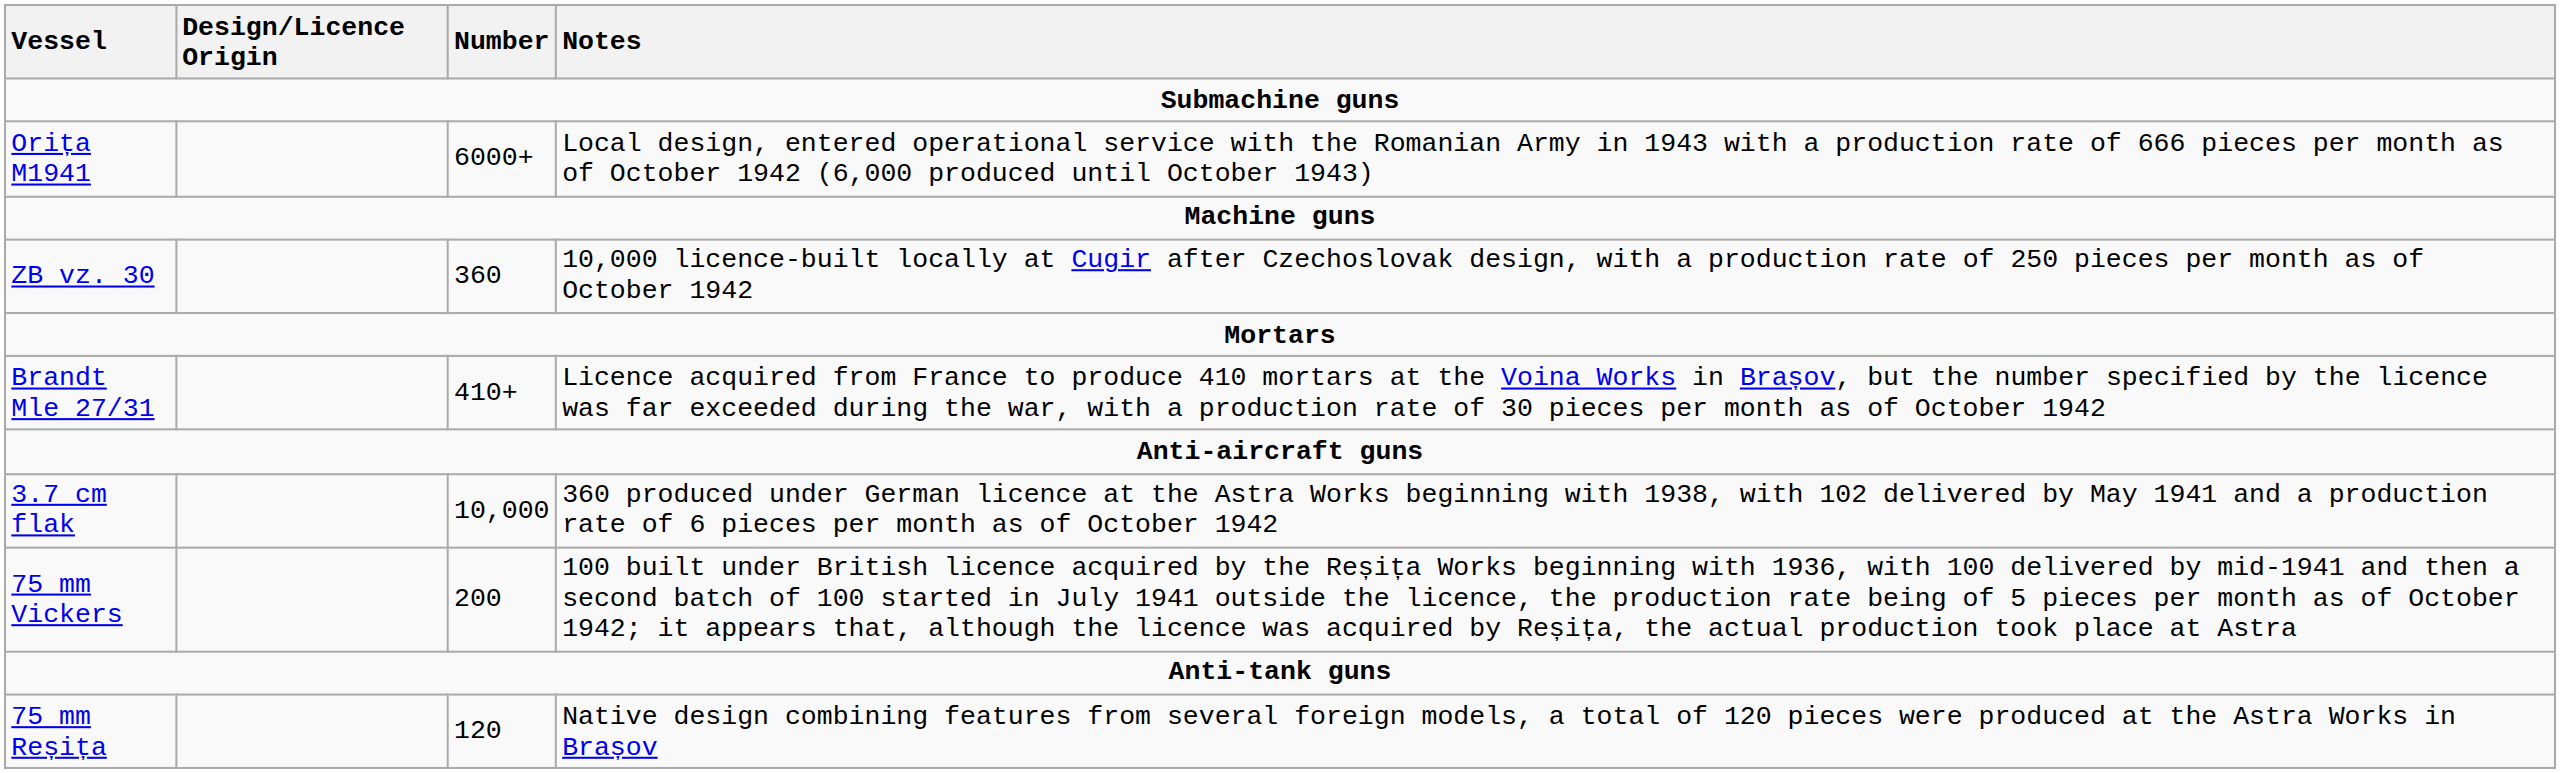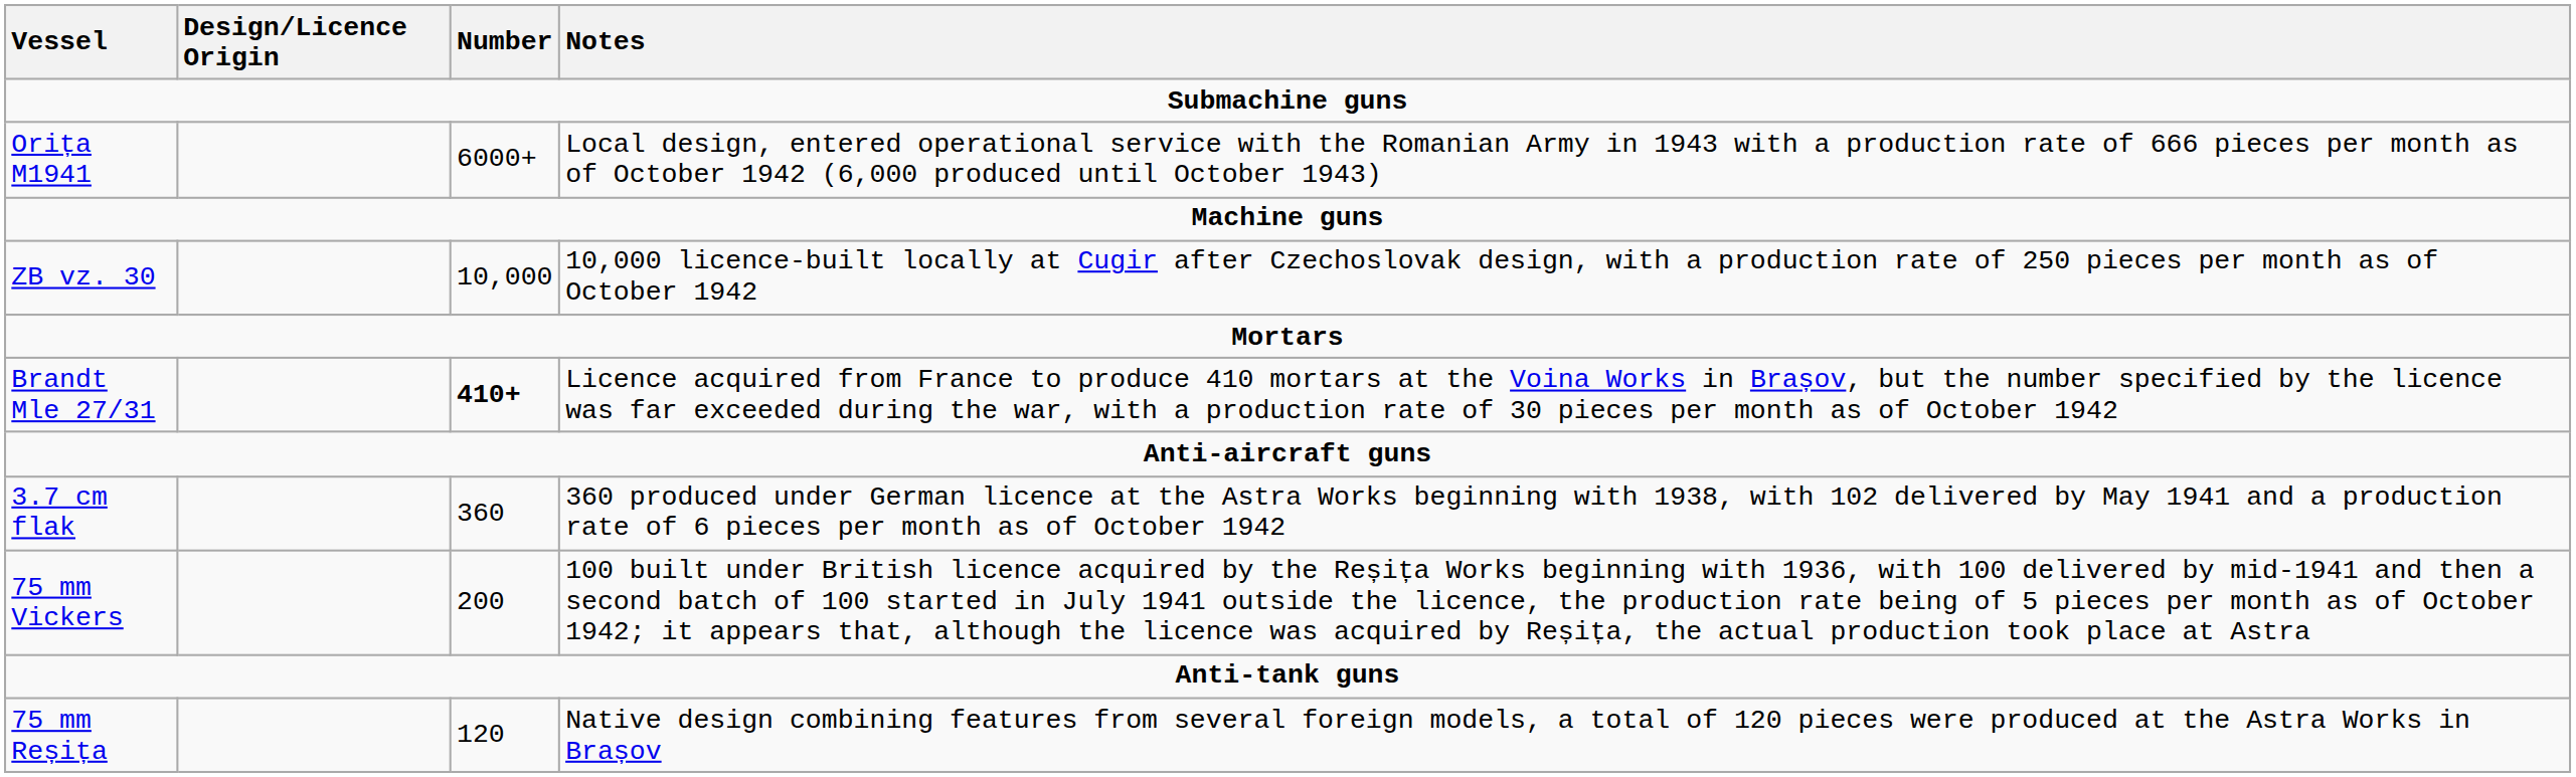 <table role="presentation" class="wikitable">
 <tr>
 <th style="text-align: left;">Vessel</th>
 <th style="text-align: left;">Design/Licence Origin</th>
 <th style="text-align: left;">Number</th>
 <th style="text-align: left;">Notes</th>
 </tr>
 <tr>
 <th colspan="6" style="background:#f9f9f9;">Submachine guns</th>
 </tr>
 <tr>
 <td><a href='#'>Orița M1941</a></td>
 <td></td>
 <td>6000+</td>
 <td>Local design, entered operational service with the Romanian Army in 1943 with a production rate of 666 pieces per month as of October 1942 (6,000 produced until October 1943)</td>
 </tr>
 <tr>
 <th colspan="6" style="background:#f9f9f9;">Machine guns</th>
 </tr>
 <tr>
 <td><a href='#'>ZB vz. 30</a></td>
 <td></td>
-<td>360</td>
+<td>10,000</td>
 <td>10,000 licence-built locally at <a href='#'>Cugir</a> after Czechoslovak design, with a production rate of 250 pieces per month as of October 1942</td>
 </tr>
 <tr>
 <th colspan="6" style="background:#f9f9f9;">Mortars</th>
 </tr>
 <tr>
 <td><a href='#'>Brandt Mle 27/31</a></td>
 <td></td>
-<td>410+</td>
+<td><strong>410+</strong></td>
 <td>Licence acquired from France to produce 410 mortars at the <a href='#'>Voina Works</a> in <a href='#'>Brașov</a>, but the number specified by the licence was far exceeded during the war, with a production rate of 30 pieces per month as of October 1942</td>
 </tr>
 <tr>
 <th colspan="6" style="background:#f9f9f9;">Anti-aircraft guns</th>
 </tr>
 <tr>
 <td><a href='#'>3.7 cm flak</a></td>
 <td></td>
-<td>10,000</td>
+<td>360</td>
 <td>360 produced under German licence at the Astra Works beginning with 1938, with 102 delivered by May 1941 and a production rate of 6 pieces per month as of October 1942</td>
 </tr>
 <tr>
 <td><a href='#'>75 mm Vickers</a></td>
 <td></td>
 <td>200</td>
 <td>100 built under British licence acquired by the Reșița Works beginning with 1936, with 100 delivered by mid-1941 and then a second batch of 100 started in July 1941 outside the licence, the production rate being of 5 pieces per month as of October 1942; it appears that, although the licence was acquired by Reșița, the actual production took place at Astra</td>
 </tr>
 <tr>
 <th colspan="6" style="background:#f9f9f9;">Anti-tank guns</th>
 </tr>
 <tr>
 <td><a href='#'>75 mm Reșița</a></td>
 <td></td>
 <td>120</td>
 <td>Native design combining features from several foreign models, a total of 120 pieces were produced at the Astra Works in <a href='#'>Brașov</a></td>
 </tr>
 </table>
